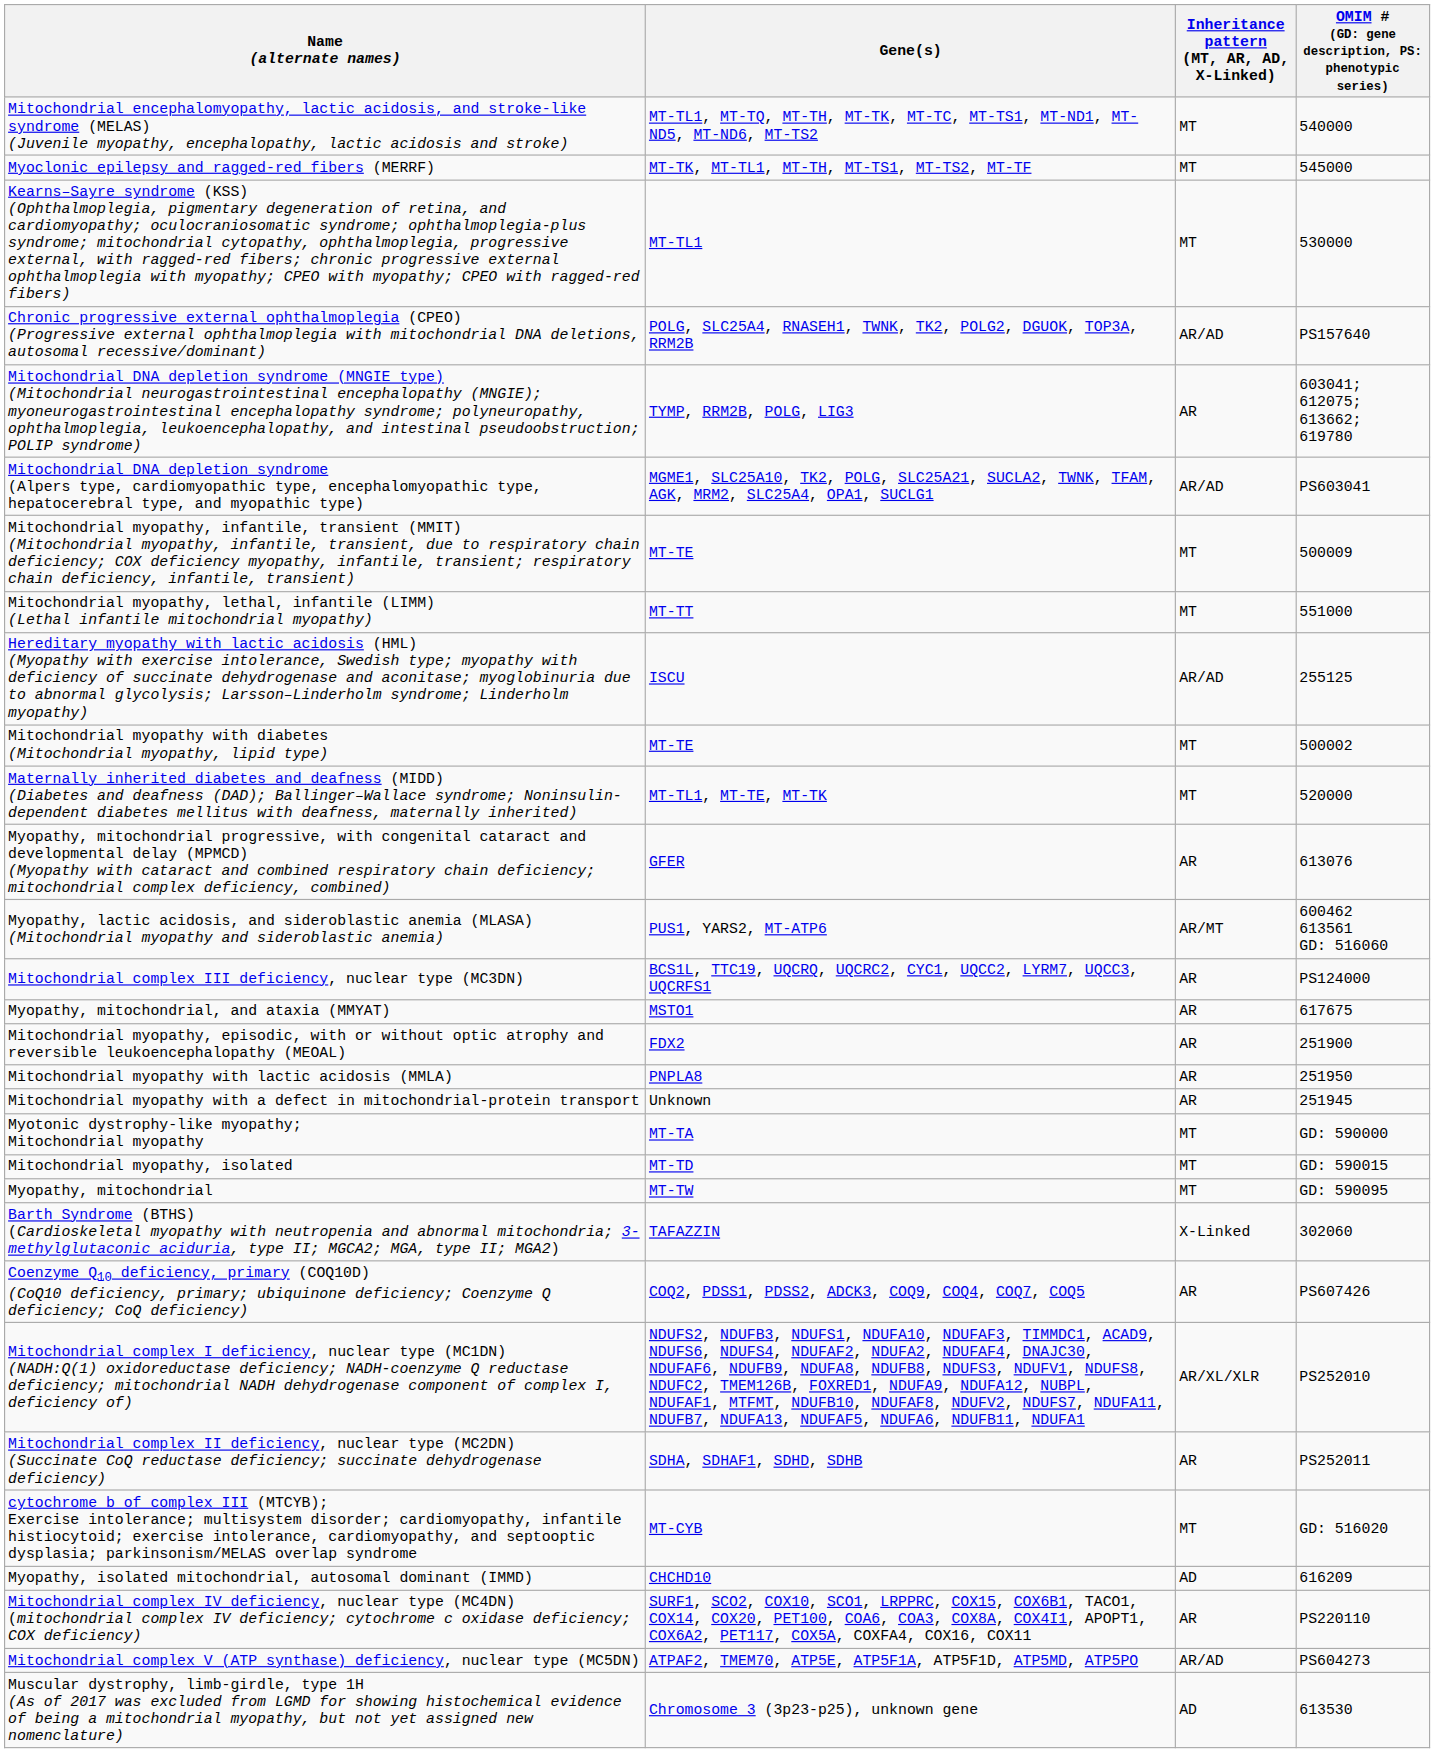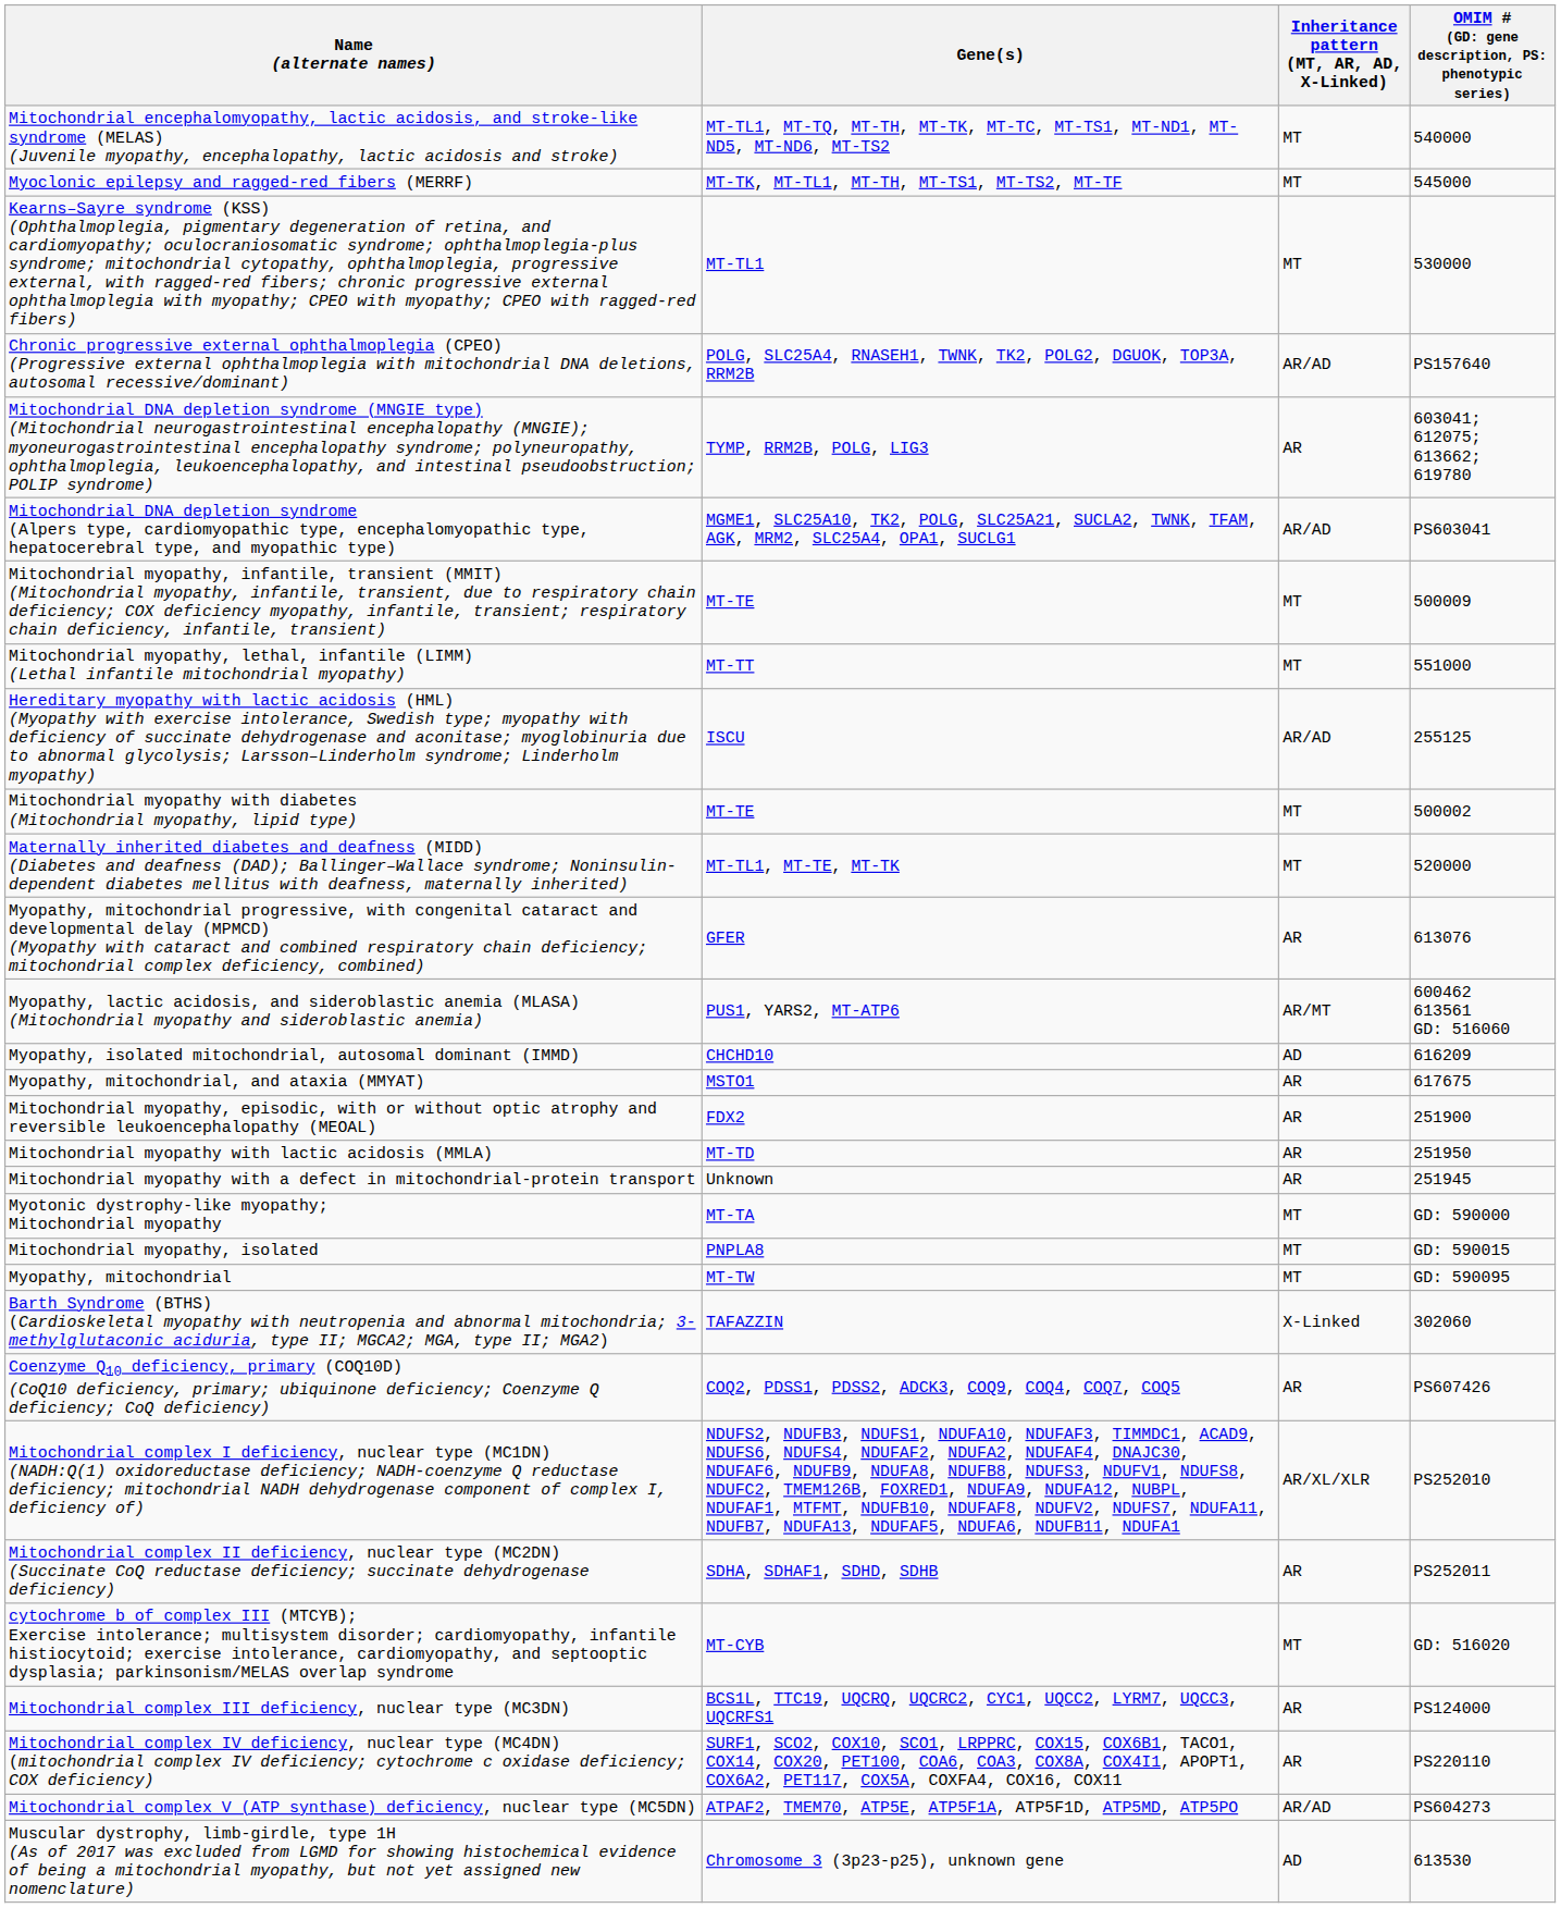 <table class="wikitable mw-collapsible">
 <tr>
 <th>Name<br><em>(alternate names)</em></th>
 <th>Gene(s)</th>
 <th><a href='#'>Inheritance pattern</a><br>(MT, AR, AD, X-Linked)</th>
 <th><a href='#'>OMIM</a> #<br><small>(GD: gene description, PS: phenotypic series)</small></th>
 </tr>
 <tr>
 <td><a href='#'>Mitochondrial encephalomyopathy, lactic acidosis, and stroke-like syndrome</a> (MELAS)<br><em>(Juvenile myopathy, encephalopathy, lactic acidosis and stroke)</em></td>
 <td><a href='#'>MT-TL1</a>, <a href='#'>MT-TQ</a>, <a href='#'>MT-TH</a>, <a href='#'>MT-TK</a>, <a href='#'>MT-TC</a>, <a href='#'>MT-TS1</a>, <a href='#'>MT-ND1</a>, <a href='#'>MT-ND5</a>, <a href='#'>MT-ND6</a>, <a href='#'>MT-TS2</a></td>
 <td>MT</td>
 <td>540000</td>
 </tr>
 <tr>
 <td><a href='#'>Myoclonic epilepsy and ragged-red fibers</a> (MERRF)</td>
 <td><a href='#'>MT-TK</a>, <a href='#'>MT-TL1</a>, <a href='#'>MT-TH</a>, <a href='#'>MT-TS1</a>, <a href='#'>MT-TS2</a>, <a href='#'>MT-TF</a></td>
 <td>MT</td>
 <td>545000</td>
 </tr>
 <tr>
 <td><a href='#'>Kearns–Sayre syndrome</a> (KSS)<br><em>(Ophthalmoplegia, pigmentary degeneration of retina, and cardiomyopathy; oculocraniosomatic syndrome; ophthalmoplegia-plus syndrome; mitochondrial cytopathy, ophthalmoplegia, progressive external, with ragged-red fibers; chronic progressive external ophthalmoplegia with myopathy; CPEO with myopathy; CPEO with ragged-red fibers)</em></td>
 <td><a href='#'>MT-TL1</a></td>
 <td>MT</td>
 <td>530000</td>
 </tr>
 <tr>
 <td><a href='#'>Chronic progressive external ophthalmoplegia</a> (CPEO)<br><em>(Progressive external ophthalmoplegia with mitochondrial DNA deletions, autosomal recessive/dominant)</em></td>
 <td><a href='#'>POLG</a>, <a href='#'>SLC25A4</a>, <a href='#'>RNASEH1</a>, <a href='#'>TWNK</a>, <a href='#'>TK2</a>, <a href='#'>POLG2</a>, <a href='#'>DGUOK</a>, <a href='#'>TOP3A</a>, <a href='#'>RRM2B</a></td>
 <td>AR/AD</td>
 <td>PS157640</td>
 </tr>
 <tr>
 <td><a href='#'>Mitochondrial DNA depletion syndrome (MNGIE type)</a><br><em>(Mitochondrial neurogastrointestinal encephalopathy (MNGIE); myoneurogastrointestinal encephalopathy syndrome; polyneuropathy, ophthalmoplegia, leukoencephalopathy, and intestinal pseudoobstruction; POLIP syndrome)</em></td>
 <td><a href='#'>TYMP</a>, <a href='#'>RRM2B</a>, <a href='#'>POLG</a>, <a href='#'>LIG3</a></td>
 <td>AR</td>
 <td>603041;<br>612075;<br>613662;<br>619780</td>
 </tr>
 <tr>
 <td><a href='#'>Mitochondrial DNA depletion syndrome</a><br>(Alpers type, cardiomyopathic type, encephalomyopathic type, hepatocerebral type, and myopathic type)</td>
 <td><a href='#'>MGME1</a>, <a href='#'>SLC25A10</a>, <a href='#'>TK2</a>, <a href='#'>POLG</a>, <a href='#'>SLC25A21</a>, <a href='#'>SUCLA2</a>, <a href='#'>TWNK</a>, <a href='#'>TFAM</a>, <a href='#'>AGK</a>, <a href='#'>MRM2</a>, <a href='#'>SLC25A4</a>, <a href='#'>OPA1</a>, <a href='#'>SUCLG1</a></td>
 <td>AR/AD</td>
 <td>PS603041</td>
 </tr>
 <tr>
 <td>Mitochondrial myopathy, infantile, transient (MMIT)<br><em>(Mitochondrial myopathy, infantile, transient, due to respiratory chain deficiency; COX deficiency myopathy, infantile, transient; respiratory chain deficiency, infantile, transient)</em></td>
 <td><a href='#'>MT-TE</a></td>
 <td>MT</td>
 <td>500009</td>
 </tr>
 <tr>
 <td>Mitochondrial myopathy, lethal, infantile (LIMM)<br><em>(Lethal infantile mitochondrial myopathy)</em></td>
 <td><a href='#'>MT-TT</a></td>
 <td>MT</td>
 <td>551000</td>
 </tr>
 <tr>
 <td><a href='#'>Hereditary myopathy with lactic acidosis</a> (HML)<br><em>(Myopathy with exercise intolerance, Swedish type; myopathy with deficiency of succinate dehydrogenase and aconitase; myoglobinuria due to abnormal glycolysis; Larsson–Linderholm syndrome; Linderholm myopathy)</em></td>
 <td><a href='#'>ISCU</a></td>
 <td>AR/AD</td>
 <td>255125</td>
 </tr>
 <tr>
 <td>Mitochondrial myopathy with diabetes<br><em>(Mitochondrial myopathy, lipid type)</em></td>
 <td><a href='#'>MT-TE</a></td>
 <td>MT</td>
 <td>500002</td>
 </tr>
 <tr>
 <td><a href='#'>Maternally inherited diabetes and deafness</a> (MIDD)<br><em>(Diabetes and deafness (DAD); Ballinger–Wallace syndrome; Noninsulin-dependent diabetes mellitus with deafness, maternally inherited)</em></td>
 <td><a href='#'>MT-TL1</a>, <a href='#'>MT-TE</a>, <a href='#'>MT-TK</a></td>
 <td>MT</td>
 <td>520000</td>
 </tr>
 <tr>
 <td>Myopathy, mitochondrial progressive, with congenital cataract and developmental delay (MPMCD)<br><em>(Myopathy with cataract and combined respiratory chain deficiency; mitochondrial complex deficiency, combined)</em></td>
 <td><a href='#'>GFER</a></td>
 <td>AR</td>
 <td>613076</td>
 </tr>
 <tr>
 <td>Myopathy, lactic acidosis, and sideroblastic anemia (MLASA)<br><em>(Mitochondrial myopathy and sideroblastic anemia)</em></td>
 <td><a href='#'>PUS1</a>, YARS2, <a href='#'>MT-ATP6</a></td>
 <td>AR/MT</td>
 <td>600462<br>613561<br>GD: 516060</td>
 </tr>
 <tr>
-<td><a href='#'>Mitochondrial complex III deficiency</a>, nuclear type (MC3DN)</td>
-<td><a href='#'>BCS1L</a>, <a href='#'>TTC19</a>, <a href='#'>UQCRQ</a>, <a href='#'>UQCRC2</a>, <a href='#'>CYC1</a>, <a href='#'>UQCC2</a>, <a href='#'>LYRM7</a>, <a href='#'>UQCC3</a>, <a href='#'>UQCRFS1</a></td>
-<td>AR</td>
-<td>PS124000</td>
+<td>Myopathy, isolated mitochondrial, autosomal dominant (IMMD)</td>
+<td><a href='#'>CHCHD10</a></td>
+<td>AD</td>
+<td>616209</td>
 </tr>
 <tr>
 <td>Myopathy, mitochondrial, and ataxia (MMYAT)</td>
 <td><a href='#'>MSTO1</a></td>
 <td>AR</td>
 <td>617675</td>
 </tr>
 <tr>
 <td>Mitochondrial myopathy, episodic, with or without optic atrophy and reversible leukoencephalopathy (MEOAL)</td>
 <td><a href='#'>FDX2</a></td>
 <td>AR</td>
 <td>251900</td>
 </tr>
 <tr>
 <td>Mitochondrial myopathy with lactic acidosis (MMLA)</td>
-<td><a href='#'>PNPLA8</a></td>
+<td><a href='#'>MT-TD</a></td>
 <td>AR</td>
 <td>251950</td>
 </tr>
 <tr>
 <td>Mitochondrial myopathy with a defect in mitochondrial-protein transport</td>
 <td>Unknown</td>
 <td>AR</td>
 <td>251945</td>
 </tr>
 <tr>
 <td>Myotonic dystrophy-like myopathy;<br>Mitochondrial myopathy</td>
 <td><a href='#'>MT-TA</a></td>
 <td>MT</td>
 <td>GD: 590000</td>
 </tr>
 <tr>
 <td>Mitochondrial myopathy, isolated</td>
-<td><a href='#'>MT-TD</a></td>
+<td><a href='#'>PNPLA8</a></td>
 <td>MT</td>
 <td>GD: 590015</td>
 </tr>
 <tr>
 <td>Myopathy, mitochondrial</td>
 <td><a href='#'>MT-TW</a></td>
 <td>MT</td>
 <td>GD: 590095</td>
 </tr>
 <tr>
 <td><a href='#'>Barth Syndrome</a> (BTHS)<br>(<em>Cardioskeletal myopathy with neutropenia and abnormal mitochondria; <a href='#'>3-methylglutaconic aciduria</a>, type II; MGCA2; MGA, type II; MGA2</em>)</td>
 <td><a href='#'>TAFAZZIN</a></td>
 <td>X-Linked</td>
 <td>302060</td>
 </tr>
 <tr>
 <td><a href='#'>Coenzyme Q<sub>10</sub> deficiency, primary</a> (COQ10D)<br><em>(CoQ10 deficiency, primary; ubiquinone deficiency; Coenzyme Q deficiency; CoQ deficiency)</em></td>
 <td><a href='#'>COQ2</a>, <a href='#'>PDSS1</a>, <a href='#'>PDSS2</a>, <a href='#'>ADCK3</a>, <a href='#'>COQ9</a>, <a href='#'>COQ4</a>, <a href='#'>COQ7</a>, <a href='#'>COQ5</a></td>
 <td>AR</td>
 <td>PS607426</td>
 </tr>
 <tr>
 <td><a href='#'>Mitochondrial complex I deficiency</a>, nuclear type (MC1DN)<br><em>(NADH:Q(1) oxidoreductase deficiency; NADH-coenzyme Q reductase deficiency; mitochondrial NADH dehydrogenase component of complex I, deficiency of)</em></td>
 <td><a href='#'>NDUFS2</a>, <a href='#'>NDUFB3</a>, <a href='#'>NDUFS1</a>, <a href='#'>NDUFA10</a>, <a href='#'>NDUFAF3</a>, <a href='#'>TIMMDC1</a>, <a href='#'>ACAD9</a>, <a href='#'>NDUFS6</a>, <a href='#'>NDUFS4</a>, <a href='#'>NDUFAF2</a>, <a href='#'>NDUFA2</a>, <a href='#'>NDUFAF4</a>, <a href='#'>DNAJC30</a>, <a href='#'>NDUFAF6</a>, <a href='#'>NDUFB9</a>, <a href='#'>NDUFA8</a>, <a href='#'>NDUFB8</a>, <a href='#'>NDUFS3</a>, <a href='#'>NDUFV1</a>, <a href='#'>NDUFS8</a>, <a href='#'>NDUFC2</a>, <a href='#'>TMEM126B</a>, <a href='#'>FOXRED1</a>, <a href='#'>NDUFA9</a>, <a href='#'>NDUFA12</a>, <a href='#'>NUBPL</a>, <a href='#'>NDUFAF1</a>, <a href='#'>MTFMT</a>, <a href='#'>NDUFB10</a>, <a href='#'>NDUFAF8</a>, <a href='#'>NDUFV2</a>, <a href='#'>NDUFS7</a>, <a href='#'>NDUFA11</a>, <a href='#'>NDUFB7</a>, <a href='#'>NDUFA13</a>, <a href='#'>NDUFAF5</a>, <a href='#'>NDUFA6</a>, <a href='#'>NDUFB11</a>, <a href='#'>NDUFA1</a></td>
 <td>AR/XL/XLR</td>
 <td>PS252010</td>
 </tr>
 <tr>
 <td><a href='#'>Mitochondrial complex II deficiency</a>, nuclear type (MC2DN)<br><em>(Succinate CoQ reductase deficiency; succinate dehydrogenase deficiency)</em></td>
 <td><a href='#'>SDHA</a>, <a href='#'>SDHAF1</a>, <a href='#'>SDHD</a>, <a href='#'>SDHB</a></td>
 <td>AR</td>
 <td>PS252011</td>
 </tr>
 <tr>
 <td><a href='#'>cytochrome b of complex III</a> (MTCYB);<br>Exercise intolerance; multisystem disorder;  cardiomyopathy, infantile histiocytoid; exercise intolerance, cardiomyopathy, and septooptic dysplasia;  parkinsonism/MELAS overlap syndrome</td>
 <td><a href='#'>MT-CYB</a></td>
 <td>MT</td>
 <td>GD: 516020</td>
 </tr>
 <tr>
-<td>Myopathy, isolated mitochondrial, autosomal dominant (IMMD)</td>
-<td><a href='#'>CHCHD10</a></td>
-<td>AD</td>
-<td>616209</td>
+<td><a href='#'>Mitochondrial complex III deficiency</a>, nuclear type (MC3DN)</td>
+<td><a href='#'>BCS1L</a>, <a href='#'>TTC19</a>, <a href='#'>UQCRQ</a>, <a href='#'>UQCRC2</a>, <a href='#'>CYC1</a>, <a href='#'>UQCC2</a>, <a href='#'>LYRM7</a>, <a href='#'>UQCC3</a>, <a href='#'>UQCRFS1</a></td>
+<td>AR</td>
+<td>PS124000</td>
 </tr>
 <tr>
 <td><a href='#'>Mitochondrial complex IV deficiency</a>, nuclear type (MC4DN)<br>(<em>mitochondrial complex IV deficiency; cytochrome c oxidase deficiency; COX deficiency)</em></td>
 <td><a href='#'>SURF1</a>, <a href='#'>SCO2</a>, <a href='#'>COX10</a>, <a href='#'>SCO1</a>, <a href='#'>LRPPRC</a>, <a href='#'>COX15</a>, <a href='#'>COX6B1</a>, TACO1, <a href='#'>COX14</a>, <a href='#'>COX20</a>, <a href='#'>PET100</a>, <a href='#'>COA6</a>, <a href='#'>COA3</a>, <a href='#'>COX8A</a>, <a href='#'>COX4I1</a>, APOPT1, <a href='#'>COX6A2</a>, <a href='#'>PET117</a>, <a href='#'>COX5A</a>, COXFA4, COX16, COX11</td>
 <td>AR</td>
 <td>PS220110</td>
 </tr>
 <tr>
 <td><a href='#'>Mitochondrial complex V (ATP synthase) deficiency</a>, nuclear type (MC5DN)</td>
 <td><a href='#'>ATPAF2</a>, <a href='#'>TMEM70</a>, <a href='#'>ATP5E</a>, <a href='#'>ATP5F1A</a>, ATP5F1D, <a href='#'>ATP5MD</a>, <a href='#'>ATP5PO</a></td>
 <td>AR/AD</td>
 <td>PS604273</td>
 </tr>
 <tr>
 <td>Muscular dystrophy, limb-girdle, type 1H<br><em>(As of 2017 was excluded from LGMD for showing histochemical evidence of being a mitochondrial myopathy, but not yet assigned new nomenclature)</em></td>
 <td><a href='#'>Chromosome 3</a> (3p23-p25), unknown gene</td>
 <td>AD</td>
 <td>613530</td>
 </tr>
 </table>
